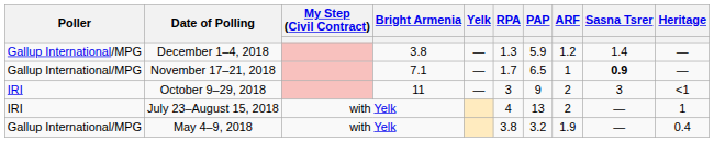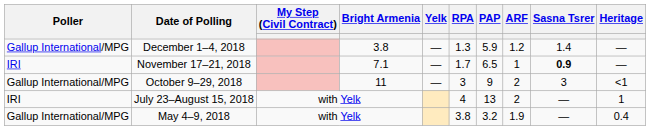 <table class="wikitable">
 <tr>
 <th rowspan=2>Poller</th>
 <th rowspan=2>Date of Polling</th>
 <th><a href='#'>My Step</a><br>(<a href='#'>Civil Contract</a>)</th>
 <th><a href='#'>Bright Armenia</a></th>
 <th><a href='#'>Yelk</a></th>
 <th><a href='#'>RPA</a></th>
 <th><a href='#'>PAP</a></th>
 <th><a href='#'>ARF</a></th>
 <th><a href='#'>Sasna Tsrer</a></th>
 <th><a href='#'>Heritage</a></th>
 </tr>
 <tr>
 <th style="background:"></th>
 <th style="background:"></th>
 <th style="background:"></th>
 <th style="background:"></th>
 <th style="background:"></th>
 <th style="background:"></th>
 <th style="background:"></th>
 <th style="background:"></th>
 </tr>
 <tr>
 <td><a href='#'>Gallup International</a>/MPG</td>
 <td style="text-align:center;">December 1–4, 2018</td>
 <td style="background:#F8C1BE"></td>
 <td style="text-align:center;">3.8</td>
 <td style="text-align:center;">—</td>
 <td style="text-align:center;">1.3</td>
 <td style="text-align:center;">5.9</td>
 <td style="text-align:center;">1.2</td>
 <td style="text-align:center;">1.4</td>
 <td style="text-align:center;">—</td>
 </tr>
 <tr>
-<td>Gallup International/MPG</td>
+<td><a href='#'>IRI</a></td>
 <td style="text-align:center;">November 17–21, 2018</td>
 <td style="background:#F8C1BE"></td>
 <td style="text-align:center;">7.1</td>
 <td style="text-align:center;">—</td>
 <td style="text-align:center;">1.7</td>
 <td style="text-align:center;">6.5</td>
 <td style="text-align:center;">1</td>
 <td style="text-align:center;"><strong>0.9</strong></td>
 <td style="text-align:center;">—</td>
 </tr>
 <tr>
-<td><a href='#'>IRI</a></td>
+<td>Gallup International/MPG</td>
 <td style="text-align:center;">October 9–29, 2018</td>
 <td style="background:#F8C1BE"></td>
 <td style="text-align:center;">11</td>
 <td style="text-align:center;">—</td>
 <td style="text-align:center;">3</td>
 <td style="text-align:center;">9</td>
 <td style="text-align:center;">2</td>
 <td style="text-align:center;">3</td>
 <td style="text-align:center;"><1</td>
 </tr>
 <tr>
 <td>IRI</td>
 <td style="text-align:center;">July 23–August 15, 2018</td>
 <td colspan="2" style="text-align:center;">with <a href='#'>Yelk</a></td>
 <td style="background:#FFEBBF"></td>
 <td style="text-align:center;">4</td>
 <td style="text-align:center;">13</td>
 <td style="text-align:center;">2</td>
 <td style="text-align:center;">—</td>
 <td style="text-align:center;">1</td>
 </tr>
 <tr>
 <td>Gallup International/MPG</td>
 <td style="text-align:center;">May 4–9, 2018</td>
 <td colspan="2" style="text-align:center;">with <a href='#'>Yelk</a></td>
 <td style="background:#FFEBBF"></td>
 <td style="text-align:center;">3.8</td>
 <td style="text-align:center;">3.2</td>
 <td style="text-align:center;">1.9</td>
 <td style="text-align:center;">—</td>
 <td style="text-align:center;">0.4</td>
 </tr>
 </table>
